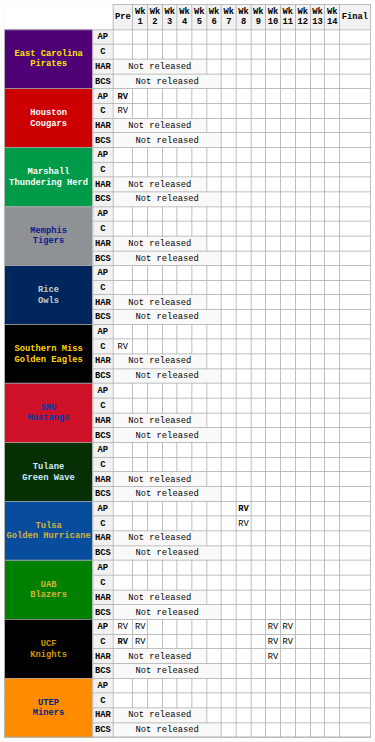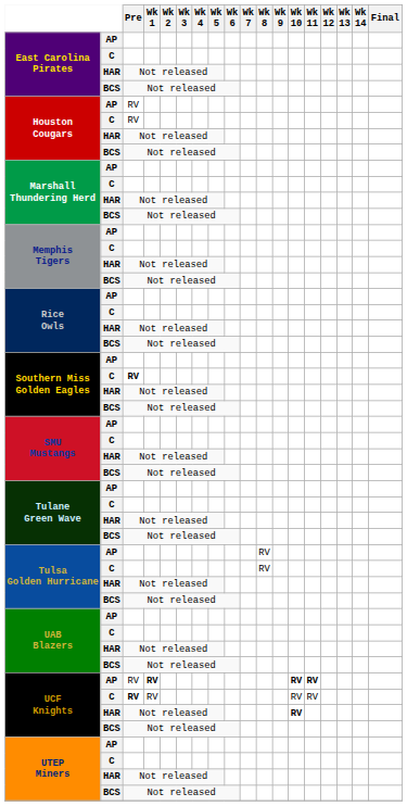 <table class="wikitable" style="white-space:nowrap;font-size:90%;">
 <tr>
 <th colspan=2 style="background:white; border-top-style:hidden; border-left-style:hidden;"> </th>
 <th>Pre</th>
 <th>Wk<br>1</th>
 <th>Wk<br>2</th>
 <th>Wk<br>3</th>
 <th>Wk<br>4</th>
 <th>Wk<br>5</th>
 <th>Wk<br>6</th>
 <th>Wk<br>7</th>
 <th>Wk<br>8</th>
 <th>Wk<br>9</th>
 <th>Wk<br>10</th>
 <th>Wk<br>11</th>
 <th>Wk<br>12</th>
 <th>Wk<br>13</th>
 <th>Wk<br>14</th>
 <th>Final</th>
 </tr>
 <tr style="text-align:center;">
 <th rowspan=4 style="background:#4F0076; color:#FFE600;">East Carolina<br>Pirates</th>
 <th>AP</th>
 <td style="background:#FFF;"></td>
 <td style="background:#FFF;"></td>
 <td style="background:#FFF;"></td>
 <td style="background:#FFF;"></td>
 <td style="background:#FFF;"></td>
 <td style="background:#FFF;"></td>
 <td style="background:#FFF;"></td>
 <td style="background:#FFF;"></td>
 <td style="background:#FFF;"></td>
 <td style="background:#FFF;"></td>
 <td style="background:#FFF;"></td>
 <td style="background:#FFF;"></td>
 <td style="background:#FFF;"></td>
 <td style="background:#FFF;"></td>
 <td style="background:#FFF;"></td>
 <td style="background:#FFF;"></td>
 </tr>
 <tr style="text-align:center;">
 <th>C</th>
 <td style="background:#FFF;"></td>
 <td style="background:#FFF;"></td>
 <td style="background:#FFF;"></td>
 <td style="background:#FFF;"></td>
 <td style="background:#FFF"></td>
 <td style="background:#FFF;"></td>
 <td style="background:#FFF;"></td>
 <td style="background:#FFF;"></td>
 <td style="background:#FFF;"></td>
 <td style="background:#FFF;"></td>
 <td style="background:#FFF;"></td>
 <td style="background:#FFF;"></td>
 <td style="background:#FFF;"></td>
 <td style="background:#FFF;"></td>
 <td style="background:#FFF;"></td>
 <td style="background:#FFF;"></td>
 </tr>
 <tr style="text-align:center;">
 <th>HAR</th>
 <td colspan=6 align=center>Not released</td>
 <td style="background:#FFF;"></td>
 <td style="background:#FFF;"></td>
 <td style="background:#FFF;"></td>
 <td style="background:#FFF;"></td>
 <td style="background:#FFF;"></td>
 <td style="background:#FFF;"></td>
 <td style="background:#FFF;"></td>
 <td style="background:#FFF;"></td>
 <td style="background:#FFF;"></td>
 <td style="background:#FFF;"></td>
 </tr>
 <tr style="text-align:center;">
 <th>BCS</th>
 <td colspan=7 align=center>Not released</td>
 <td style="background:#FFF;"></td>
 <td style="background:#FFF;"></td>
 <td style="background:#FFF;"></td>
 <td style="background:#FFF;"></td>
 <td style="background:#FFF;"></td>
 <td style="background:#FFF;"></td>
 <td style="background:#FFF;"></td>
 <td style="background:#FFF;"></td>
 <td style="background:#FFF;"></td>
 </tr>
 <tr style="text-align:center;">
 <th rowspan=4 style="background:#CC0000; color:#FFFFFF;">Houston<br>Cougars</th>
 <th>AP</th>
-<td style="background:#FFF;"><strong>RV</strong></td>
+<td style="background:#FFF;">RV</td>
 <td style="background:#FFF;"></td>
 <td style="background:#FFF;"></td>
 <td style="background:#FFF;"></td>
 <td style="background:#FFF;"></td>
 <td style="background:#FFF;"></td>
 <td style="background:#FFF;"></td>
 <td style="background:#FFF;"></td>
 <td style="background:#FFF;"></td>
 <td style="background:#FFF;"></td>
 <td style="background:#FFF;"></td>
 <td style="background:#FFF;"></td>
 <td style="background:#FFF;"></td>
 <td style="background:#FFF;"></td>
 <td style="background:#FFF;"></td>
 <td style="background:#FFF;"></td>
 </tr>
 <tr style="text-align:center;">
 <th>C</th>
 <td style="background:#FFF;">RV</td>
 <td style="background:#FFF;"></td>
 <td style="background:#FFF;"></td>
 <td style="background:#FFF;"></td>
 <td style="background:#FFF;"></td>
 <td style="background:#FFF;"></td>
 <td style="background:#FFF;"></td>
 <td style="background:#FFF;"></td>
 <td style="background:#FFF;"></td>
 <td style="background:#FFF;"></td>
 <td style="background:#FFF;"></td>
 <td style="background:#FFF;"></td>
 <td style="background:#FFF;"></td>
 <td style="background:#FFF;"></td>
 <td style="background:#FFF;"></td>
 <td style="background:#FFF;"></td>
 </tr>
 <tr style="text-align:center;">
 <th>HAR</th>
 <td colspan=6 align=center>Not released</td>
 <td style="background:#FFF;"></td>
 <td style="background:#FFF;"></td>
 <td style="background:#FFF;"></td>
 <td style="background:#FFF;"></td>
 <td style="background:#FFF;"></td>
 <td style="background:#FFF;"></td>
 <td style="background:#FFF;"></td>
 <td style="background:#FFF;"></td>
 <td style="background:#FFF;"></td>
 <td style="background:#FFF;"></td>
 </tr>
 <tr style="text-align:center;">
 <th>BCS</th>
 <td colspan=7 align=center>Not released</td>
 <td style="background:#FFF;"></td>
 <td style="background:#FFF;"></td>
 <td style="background:#FFF;"></td>
 <td style="background:#FFF;"></td>
 <td style="background:#FFF;"></td>
 <td style="background:#FFF;"></td>
 <td style="background:#FFF;"></td>
 <td style="background:#FFF;"></td>
 <td style="background:#FFF;"></td>
 </tr>
 <tr style="text-align:center;">
 <th rowspan=4 style="background:#009B48; color:#FFFFFF;">Marshall<br>Thundering Herd</th>
 <th>AP</th>
 <td style="background:#FFF;"></td>
 <td style="background:#FFF;"></td>
 <td style="background:#FFF;"></td>
 <td style="background:#FFF;"></td>
 <td style="background:#FFF;"></td>
 <td style="background:#FFF;"></td>
 <td style="background:#FFF;"></td>
 <td style="background:#FFF;"></td>
 <td style="background:#FFF;"></td>
 <td style="background:#FFF;"></td>
 <td style="background:#FFF;"></td>
 <td style="background:#FFF;"></td>
 <td style="background:#FFF;"></td>
 <td style="background:#FFF;"></td>
 <td style="background:#FFF;"></td>
 <td style="background:#FFF;"></td>
 </tr>
 <tr style="text-align:center;">
 <th>C</th>
 <td style="background:#FFF;"></td>
 <td style="background:#FFF;"></td>
 <td style="background:#FFF;"></td>
 <td style="background:#FFF;"></td>
 <td style="background:#FFF;"></td>
 <td style="background:#FFF;"></td>
 <td style="background:#FFF;"></td>
 <td style="background:#FFF;"></td>
 <td style="background:#FFF;"></td>
 <td style="background:#FFF;"></td>
 <td style="background:#FFF;"></td>
 <td style="background:#FFF;"></td>
 <td style="background:#FFF;"></td>
 <td style="background:#FFF;"></td>
 <td style="background:#FFF;"></td>
 <td style="background:#FFF;"></td>
 </tr>
 <tr style="text-align:center;">
 <th>HAR</th>
 <td colspan=6 align=center>Not released</td>
 <td style="background:#FFF;"></td>
 <td style="background:#FFF;"></td>
 <td style="background:#FFF;"></td>
 <td style="background:#FFF;"></td>
 <td style="background:#FFF;"></td>
 <td style="background:#FFF;"></td>
 <td style="background:#FFF;"></td>
 <td style="background:#FFF;"></td>
 <td style="background:#FFF;"></td>
 <td style="background:#FFF;"></td>
 </tr>
 <tr style="text-align:center;">
 <th>BCS</th>
 <td colspan=7 align=center>Not released</td>
 <td style="background:#FFF;"></td>
 <td style="background:#FFF;"></td>
 <td style="background:#FFF;"></td>
 <td style="background:#FFF;"></td>
 <td style="background:#FFF;"></td>
 <td style="background:#FFF;"></td>
 <td style="background:#FFF;"></td>
 <td style="background:#FFF;"></td>
 <td style="background:#FFF;"></td>
 </tr>
 <tr style="text-align:center;">
 <th rowspan=4 style="background:#8E9295; color:#0C1C8C;">Memphis<br>Tigers</th>
 <th>AP</th>
 <td style="background:#FFF;"></td>
 <td style="background:#FFF;"></td>
 <td style="background:#FFF;"></td>
 <td style="background:#FFF;"></td>
 <td style="background:#FFF;"></td>
 <td style="background:#FFF;"></td>
 <td style="background:#FFF;"></td>
 <td style="background:#FFF;"></td>
 <td style="background:#FFF;"></td>
 <td style="background:#FFF;"></td>
 <td style="background:#FFF;"></td>
 <td style="background:#FFF;"></td>
 <td style="background:#FFF;"></td>
 <td style="background:#FFF;"></td>
 <td style="background:#FFF;"></td>
 <td style="background:#FFF;"></td>
 </tr>
 <tr style="text-align:center;">
 <th>C</th>
 <td style="background:#FFF;"></td>
 <td style="background:#FFF;"></td>
 <td style="background:#FFF;"></td>
 <td style="background:#FFF;"></td>
 <td style="background:#FFF"></td>
 <td style="background:#FFF;"></td>
 <td style="background:#FFF;"></td>
 <td style="background:#FFF;"></td>
 <td style="background:#FFF;"></td>
 <td style="background:#FFF;"></td>
 <td style="background:#FFF;"></td>
 <td style="background:#FFF;"></td>
 <td style="background:#FFF;"></td>
 <td style="background:#FFF;"></td>
 <td style="background:#FFF;"></td>
 <td style="background:#FFF;"></td>
 </tr>
 <tr style="text-align:center;">
 <th>HAR</th>
 <td colspan=6 align=center>Not released</td>
 <td style="background:#FFF;"></td>
 <td style="background:#FFF;"></td>
 <td style="background:#FFF;"></td>
 <td style="background:#FFF;"></td>
 <td style="background:#FFF;"></td>
 <td style="background:#FFF;"></td>
 <td style="background:#FFF;"></td>
 <td style="background:#FFF;"></td>
 <td style="background:#FFF;"></td>
 <td style="background:#FFF;"></td>
 </tr>
 <tr style="text-align:center;">
 <th>BCS</th>
 <td colspan=7 align=center>Not released</td>
 <td style="background:#FFF;"></td>
 <td style="background:#FFF;"></td>
 <td style="background:#FFF;"></td>
 <td style="background:#FFF;"></td>
 <td style="background:#FFF;"></td>
 <td style="background:#FFF;"></td>
 <td style="background:#FFF;"></td>
 <td style="background:#FFF;"></td>
 <td style="background:#FFF;"></td>
 </tr>
 <tr style="text-align:center;">
 <th rowspan=4 style="background:#00275D; color:#CCCCCC;">Rice<br>Owls</th>
 <th>AP</th>
 <td style="background:#FFF;"></td>
 <td style="background:#FFF;"></td>
 <td style="background:#FFF;"></td>
 <td style="background:#FFF;"></td>
 <td style="background:#FFF;"></td>
 <td style="background:#FFF;"></td>
 <td style="background:#FFF;"></td>
 <td style="background:#FFF;"></td>
 <td style="background:#FFF;"></td>
 <td style="background:#FFF;"></td>
 <td style="background:#FFF;"></td>
 <td style="background:#FFF;"></td>
 <td style="background:#FFF;"></td>
 <td style="background:#FFF;"></td>
 <td style="background:#FFF;"></td>
 <td style="background:#FFF;"></td>
 </tr>
 <tr style="text-align:center;">
 <th>C</th>
 <td style="background:#FFF;"></td>
 <td style="background:#FFF;"></td>
 <td style="background:#FFF;"></td>
 <td style="background:#FFF;"></td>
 <td style="background:#FFF"></td>
 <td style="background:#FFF;"></td>
 <td style="background:#FFF;"></td>
 <td style="background:#FFF;"></td>
 <td style="background:#FFF;"></td>
 <td style="background:#FFF;"></td>
 <td style="background:#FFF;"></td>
 <td style="background:#FFF;"></td>
 <td style="background:#FFF;"></td>
 <td style="background:#FFF;"></td>
 <td style="background:#FFF;"></td>
 <td style="background:#FFF;"></td>
 </tr>
 <tr style="text-align:center;">
 <th>HAR</th>
 <td colspan=6 align=center>Not released</td>
 <td style="background:#FFF;"></td>
 <td style="background:#FFF;"></td>
 <td style="background:#FFF;"></td>
 <td style="background:#FFF;"></td>
 <td style="background:#FFF;"></td>
 <td style="background:#FFF;"></td>
 <td style="background:#FFF;"></td>
 <td style="background:#FFF;"></td>
 <td style="background:#FFF;"></td>
 <td style="background:#FFF;"></td>
 </tr>
 <tr style="text-align:center;">
 <th>BCS</th>
 <td colspan=7 align=center>Not released</td>
 <td style="background:#FFF;"></td>
 <td style="background:#FFF;"></td>
 <td style="background:#FFF;"></td>
 <td style="background:#FFF;"></td>
 <td style="background:#FFF;"></td>
 <td style="background:#FFF;"></td>
 <td style="background:#FFF;"></td>
 <td style="background:#FFF;"></td>
 <td style="background:#FFF;"></td>
 </tr>
 <tr style="text-align:center;">
 <th rowspan=4 style="background:#000000; color:#FFD700;">Southern Miss<br>Golden Eagles</th>
 <th>AP</th>
 <td style="background:#FFF;"></td>
 <td style="background:#FFF;"></td>
 <td style="background:#FFF;"></td>
 <td style="background:#FFF;"></td>
 <td style="background:#FFF;"></td>
 <td style="background:#FFF;"></td>
 <td style="background:#FFF;"></td>
 <td style="background:#FFF;"></td>
 <td style="background:#FFF;"></td>
 <td style="background:#FFF;"></td>
 <td style="background:#FFF;"></td>
 <td style="background:#FFF;"></td>
 <td style="background:#FFF;"></td>
 <td style="background:#FFF;"></td>
 <td style="background:#FFF;"></td>
 <td style="background:#FFF;"></td>
 </tr>
 <tr style="text-align:center;">
 <th>C</th>
-<td style="background:#FFF;">RV</td>
+<td style="background:#FFF;"><strong>RV</strong></td>
 <td style="background:#FFF;"></td>
 <td style="background:#FFF;"></td>
 <td style="background:#FFF;"></td>
 <td style="background:#FFF"></td>
 <td style="background:#FFF;"></td>
 <td style="background:#FFF;"></td>
 <td style="background:#FFF;"></td>
 <td style="background:#FFF;"></td>
 <td style="background:#FFF;"></td>
 <td style="background:#FFF;"></td>
 <td style="background:#FFF;"></td>
 <td style="background:#FFF;"></td>
 <td style="background:#FFF;"></td>
 <td style="background:#FFF;"></td>
 <td style="background:#FFF;"></td>
 </tr>
 <tr style="text-align:center;">
 <th>HAR</th>
 <td colspan=6 align=center>Not released</td>
 <td style="background:#FFF;"></td>
 <td style="background:#FFF;"></td>
 <td style="background:#FFF;"></td>
 <td style="background:#FFF;"></td>
 <td style="background:#FFF;"></td>
 <td style="background:#FFF;"></td>
 <td style="background:#FFF;"></td>
 <td style="background:#FFF;"></td>
 <td style="background:#FFF;"></td>
 <td style="background:#FFF;"></td>
 </tr>
 <tr style="text-align:center;">
 <th>BCS</th>
 <td colspan=7 align=center>Not released</td>
 <td style="background:#FFF;"></td>
 <td style="background:#FFF;"></td>
 <td style="background:#FFF;"></td>
 <td style="background:#FFF;"></td>
 <td style="background:#FFF;"></td>
 <td style="background:#FFF;"></td>
 <td style="background:#FFF;"></td>
 <td style="background:#FFF;"></td>
 <td style="background:#FFF;"></td>
 </tr>
 <tr style="text-align:center;">
 <th rowspan=4 style="background:#CE1126; color:#0038A8;">SMU<br>Mustangs</th>
 <th>AP</th>
 <td style="background:#FFF;"></td>
 <td style="background:#FFF;"></td>
 <td style="background:#FFF;"></td>
 <td style="background:#FFF;"></td>
 <td style="background:#FFF;"></td>
 <td style="background:#FFF;"></td>
 <td style="background:#FFF;"></td>
 <td style="background:#FFF;"></td>
 <td style="background:#FFF;"></td>
 <td style="background:#FFF;"></td>
 <td style="background:#FFF;"></td>
 <td style="background:#FFF;"></td>
 <td style="background:#FFF;"></td>
 <td style="background:#FFF;"></td>
 <td style="background:#FFF;"></td>
 <td style="background:#FFF;"></td>
 </tr>
 <tr style="text-align:center;">
 <th>C</th>
 <td style="background:#FFF;"></td>
 <td style="background:#FFF;"></td>
 <td style="background:#FFF;"></td>
 <td style="background:#FFF;"></td>
 <td style="background:#FFF"></td>
 <td style="background:#FFF;"></td>
 <td style="background:#FFF;"></td>
 <td style="background:#FFF;"></td>
 <td style="background:#FFF;"></td>
 <td style="background:#FFF;"></td>
 <td style="background:#FFF;"></td>
 <td style="background:#FFF;"></td>
 <td style="background:#FFF;"></td>
 <td style="background:#FFF;"></td>
 <td style="background:#FFF;"></td>
 <td style="background:#FFF;"></td>
 </tr>
 <tr style="text-align:center;">
 <th>HAR</th>
 <td colspan=6 align=center>Not released</td>
 <td style="background:#FFF;"></td>
 <td style="background:#FFF;"></td>
 <td style="background:#FFF;"></td>
 <td style="background:#FFF;"></td>
 <td style="background:#FFF;"></td>
 <td style="background:#FFF;"></td>
 <td style="background:#FFF;"></td>
 <td style="background:#FFF;"></td>
 <td style="background:#FFF;"></td>
 <td style="background:#FFF;"></td>
 </tr>
 <tr style="text-align:center;">
 <th>BCS</th>
 <td colspan=7 align=center>Not released</td>
 <td style="background:#FFF;"></td>
 <td style="background:#FFF;"></td>
 <td style="background:#FFF;"></td>
 <td style="background:#FFF;"></td>
 <td style="background:#FFF;"></td>
 <td style="background:#FFF;"></td>
 <td style="background:#FFF;"></td>
 <td style="background:#FFF;"></td>
 <td style="background:#FFF;"></td>
 </tr>
 <tr style="text-align:center;">
 <th rowspan=4 style="background:#063003; color:#CCEEFF;">Tulane<br>Green Wave</th>
 <th>AP</th>
 <td style="background:#FFF;"></td>
 <td style="background:#FFF;"></td>
 <td style="background:#FFF;"></td>
 <td style="background:#FFF;"></td>
 <td style="background:#FFF;"></td>
 <td style="background:#FFF;"></td>
 <td style="background:#FFF;"></td>
 <td style="background:#FFF;"></td>
 <td style="background:#FFF;"></td>
 <td style="background:#FFF;"></td>
 <td style="background:#FFF;"></td>
 <td style="background:#FFF;"></td>
 <td style="background:#FFF;"></td>
 <td style="background:#FFF;"></td>
 <td style="background:#FFF;"></td>
 <td style="background:#FFF;"></td>
 </tr>
 <tr style="text-align:center;">
 <th>C</th>
 <td style="background:#FFF;"></td>
 <td style="background:#FFF;"></td>
 <td style="background:#FFF;"></td>
 <td style="background:#FFF;"></td>
 <td style="background:#FFF"></td>
 <td style="background:#FFF;"></td>
 <td style="background:#FFF;"></td>
 <td style="background:#FFF;"></td>
 <td style="background:#FFF;"></td>
 <td style="background:#FFF;"></td>
 <td style="background:#FFF;"></td>
 <td style="background:#FFF;"></td>
 <td style="background:#FFF;"></td>
 <td style="background:#FFF;"></td>
 <td style="background:#FFF;"></td>
 <td style="background:#FFF;"></td>
 </tr>
 <tr style="text-align:center;">
 <th>HAR</th>
 <td colspan=6 align=center>Not released</td>
 <td style="background:#FFF;"></td>
 <td style="background:#FFF;"></td>
 <td style="background:#FFF;"></td>
 <td style="background:#FFF;"></td>
 <td style="background:#FFF;"></td>
 <td style="background:#FFF;"></td>
 <td style="background:#FFF;"></td>
 <td style="background:#FFF;"></td>
 <td style="background:#FFF;"></td>
 <td style="background:#FFF;"></td>
 </tr>
 <tr style="text-align:center;">
 <th>BCS</th>
 <td colspan=7 align=center>Not released</td>
 <td style="background:#FFF;"></td>
 <td style="background:#FFF;"></td>
 <td style="background:#FFF;"></td>
 <td style="background:#FFF;"></td>
 <td style="background:#FFF;"></td>
 <td style="background:#FFF;"></td>
 <td style="background:#FFF;"></td>
 <td style="background:#FFF;"></td>
 <td style="background:#FFF;"></td>
 </tr>
 <tr style="text-align:center;">
 <th rowspan=4 style="background:#084c9e; color:#CFB53B;">Tulsa<br>Golden Hurricane</th>
 <th>AP</th>
 <td style="background:#FFF;"></td>
 <td style="background:#FFF;"></td>
 <td style="background:#FFF;"></td>
 <td style="background:#FFF;"></td>
 <td style="background:#FFF;"></td>
 <td style="background:#FFF;"></td>
 <td style="background:#FFF;"></td>
 <td style="background:#FFF;"></td>
-<td style="background:#FFF;"><strong>RV</strong></td>
+<td style="background:#FFF;">RV</td>
 <td style="background:#FFF;"></td>
 <td style="background:#FFF;"></td>
 <td style="background:#FFF;"></td>
 <td style="background:#FFF;"></td>
 <td style="background:#FFF;"></td>
 <td style="background:#FFF;"></td>
 <td style="background:#FFF;"></td>
 </tr>
 <tr style="text-align:center;">
 <th>C</th>
 <td style="background:#FFF;"></td>
 <td style="background:#FFF;"></td>
 <td style="background:#FFF;"></td>
 <td style="background:#FFF;"></td>
 <td style="background:#FFF"></td>
 <td style="background:#FFF;"></td>
 <td style="background:#FFF;"></td>
 <td style="background:#FFF;"></td>
 <td style="background:#FFF;">RV</td>
 <td style="background:#FFF;"></td>
 <td style="background:#FFF;"></td>
 <td style="background:#FFF;"></td>
 <td style="background:#FFF;"></td>
 <td style="background:#FFF;"></td>
 <td style="background:#FFF;"></td>
 <td style="background:#FFF;"></td>
 </tr>
 <tr style="text-align:center;">
 <th>HAR</th>
 <td colspan=6 align=center>Not released</td>
 <td style="background:#FFF;"></td>
 <td style="background:#FFF;"></td>
 <td style="background:#FFF;"></td>
 <td style="background:#FFF;"></td>
 <td style="background:#FFF;"></td>
 <td style="background:#FFF;"></td>
 <td style="background:#FFF;"></td>
 <td style="background:#FFF;"></td>
 <td style="background:#FFF;"></td>
 <td style="background:#FFF;"></td>
 </tr>
 <tr style="text-align:center;">
 <th>BCS</th>
 <td colspan=7 align=center>Not released</td>
 <td style="background:#FFF;"></td>
 <td style="background:#FFF;"></td>
 <td style="background:#FFF;"></td>
 <td style="background:#FFF;"></td>
 <td style="background:#FFF;"></td>
 <td style="background:#FFF;"></td>
 <td style="background:#FFF;"></td>
 <td style="background:#FFF;"></td>
 <td style="background:#FFF;"></td>
 </tr>
 <tr style="text-align:center;">
 <th rowspan=4 style="background:#008000; color:#CFB53B;">UAB<br>Blazers</th>
 <th>AP</th>
 <td style="background:#FFF;"></td>
 <td style="background:#FFF;"></td>
 <td style="background:#FFF;"></td>
 <td style="background:#FFF;"></td>
 <td style="background:#FFF;"></td>
 <td style="background:#FFF;"></td>
 <td style="background:#FFF;"></td>
 <td style="background:#FFF;"></td>
 <td style="background:#FFF;"></td>
 <td style="background:#FFF;"></td>
 <td style="background:#FFF;"></td>
 <td style="background:#FFF;"></td>
 <td style="background:#FFF;"></td>
 <td style="background:#FFF;"></td>
 <td style="background:#FFF;"></td>
 <td style="background:#FFF;"></td>
 </tr>
 <tr style="text-align:center;">
 <th>C</th>
 <td style="background:#FFF;"></td>
 <td style="background:#FFF;"></td>
 <td style="background:#FFF;"></td>
 <td style="background:#FFF;"></td>
 <td style="background:#FFF"></td>
 <td style="background:#FFF;"></td>
 <td style="background:#FFF;"></td>
 <td style="background:#FFF;"></td>
 <td style="background:#FFF;"></td>
 <td style="background:#FFF;"></td>
 <td style="background:#FFF;"></td>
 <td style="background:#FFF;"></td>
 <td style="background:#FFF;"></td>
 <td style="background:#FFF;"></td>
 <td style="background:#FFF;"></td>
 <td style="background:#FFF;"></td>
 </tr>
 <tr style="text-align:center;">
 <th>HAR</th>
 <td colspan=6 align=center>Not released</td>
 <td style="background:#FFF;"></td>
 <td style="background:#FFF;"></td>
 <td style="background:#FFF;"></td>
 <td style="background:#FFF;"></td>
 <td style="background:#FFF;"></td>
 <td style="background:#FFF;"></td>
 <td style="background:#FFF;"></td>
 <td style="background:#FFF;"></td>
 <td style="background:#FFF;"></td>
 <td style="background:#FFF;"></td>
 </tr>
 <tr style="text-align:center;">
 <th>BCS</th>
 <td colspan=7 align=center>Not released</td>
 <td style="background:#FFF;"></td>
 <td style="background:#FFF;"></td>
 <td style="background:#FFF;"></td>
 <td style="background:#FFF;"></td>
 <td style="background:#FFF;"></td>
 <td style="background:#FFF;"></td>
 <td style="background:#FFF;"></td>
 <td style="background:#FFF;"></td>
 <td style="background:#FFF;"></td>
 </tr>
 <tr style="text-align:center;">
 <th rowspan=4 style="background:#000000; color:#c90;">UCF<br>Knights</th>
 <th>AP</th>
 <td style="background:#FFF;">RV</td>
-<td style="background:#FFF;">RV</td>
+<td style="background:#FFF;"><strong>RV</strong></td>
 <td style="background:#FFF;"></td>
 <td style="background:#FFF;"></td>
 <td style="background:#FFF;"></td>
 <td style="background:#FFF;"></td>
 <td style="background:#FFF;"></td>
 <td style="background:#FFF;"></td>
 <td style="background:#FFF;"></td>
 <td style="background:#FFF;"></td>
-<td style="background:#FFF;">RV</td>
-<td style="background:#FFF;">RV</td>
+<td style="background:#FFF;"><strong>RV</strong></td>
+<td style="background:#FFF;"><strong>RV</strong></td>
 <td style="background:#FFF;"></td>
 <td style="background:#FFF;"></td>
 <td style="background:#FFF;"></td>
 <td style="background:#FFF;"></td>
 </tr>
 <tr style="text-align:center;">
 <th>C</th>
 <td style="background:#FFF;"><strong>RV</strong></td>
 <td style="background:#FFF;">RV</td>
 <td style="background:#FFF;"></td>
 <td style="background:#FFF;"></td>
 <td style="background:#FFF"></td>
 <td style="background:#FFF;"></td>
 <td style="background:#FFF;"></td>
 <td style="background:#FFF;"></td>
 <td style="background:#FFF;"></td>
 <td style="background:#FFF;"></td>
 <td style="background:#FFF;">RV</td>
 <td style="background:#FFF;">RV</td>
 <td style="background:#FFF;"></td>
 <td style="background:#FFF;"></td>
 <td style="background:#FFF;"></td>
 <td style="background:#FFF;"></td>
 </tr>
 <tr style="text-align:center;">
 <th>HAR</th>
 <td colspan=6 align=center>Not released</td>
 <td style="background:#FFF;"></td>
 <td style="background:#FFF;"></td>
 <td style="background:#FFF;"></td>
 <td style="background:#FFF;"></td>
-<td style="background:#FFF;">RV</td>
+<td style="background:#FFF;"><strong>RV</strong></td>
 <td style="background:#FFF;"></td>
 <td style="background:#FFF;"></td>
 <td style="background:#FFF;"></td>
 <td style="background:#FFF;"></td>
 <td style="background:#FFF;"></td>
 </tr>
 <tr style="text-align:center;">
 <th>BCS</th>
 <td colspan=7 align=center>Not released</td>
 <td style="background:#FFF;"></td>
 <td style="background:#FFF;"></td>
 <td style="background:#FFF;"></td>
 <td style="background:#FFF;"></td>
 <td style="background:#FFF;"></td>
 <td style="background:#FFF;"></td>
 <td style="background:#FFF;"></td>
 <td style="background:#FFF;"></td>
 <td style="background:#FFF;"></td>
 </tr>
 <tr style="text-align:center;">
 <th rowspan=4 style="background:#FF8C00; color:#00247D;">UTEP<br>Miners</th>
 <th>AP</th>
 <td style="background:#FFF;"></td>
 <td style="background:#FFF;"></td>
 <td style="background:#FFF;"></td>
 <td style="background:#FFF;"></td>
 <td style="background:#FFF;"></td>
 <td style="background:#FFF;"></td>
 <td style="background:#FFF;"></td>
 <td style="background:#FFF;"></td>
 <td style="background:#FFF;"></td>
 <td style="background:#FFF;"></td>
 <td style="background:#FFF;"></td>
 <td style="background:#FFF;"></td>
 <td style="background:#FFF;"></td>
 <td style="background:#FFF;"></td>
 <td style="background:#FFF;"></td>
 <td style="background:#FFF;"></td>
 </tr>
 <tr style="text-align:center;">
 <th>C</th>
 <td style="background:#FFF;"></td>
 <td style="background:#FFF;"></td>
 <td style="background:#FFF;"></td>
 <td style="background:#FFF;"></td>
 <td style="background:#FFF"></td>
 <td style="background:#FFF;"></td>
 <td style="background:#FFF;"></td>
 <td style="background:#FFF;"></td>
 <td style="background:#FFF;"></td>
 <td style="background:#FFF;"></td>
 <td style="background:#FFF;"></td>
 <td style="background:#FFF;"></td>
 <td style="background:#FFF;"></td>
 <td style="background:#FFF;"></td>
 <td style="background:#FFF;"></td>
 <td style="background:#FFF;"></td>
 </tr>
 <tr style="text-align:center;">
 <th>HAR</th>
 <td colspan=6 align=center>Not released</td>
 <td style="background:#FFF;"></td>
 <td style="background:#FFF;"></td>
 <td style="background:#FFF;"></td>
 <td style="background:#FFF;"></td>
 <td style="background:#FFF;"></td>
 <td style="background:#FFF;"></td>
 <td style="background:#FFF;"></td>
 <td style="background:#FFF;"></td>
 <td style="background:#FFF;"></td>
 <td style="background:#FFF;"></td>
 </tr>
 <tr style="text-align:center;">
 <th>BCS</th>
 <td colspan=7 align=center>Not released</td>
 <td style="background:#FFF;"></td>
 <td style="background:#FFF;"></td>
 <td style="background:#FFF;"></td>
 <td style="background:#FFF;"></td>
 <td style="background:#FFF;"></td>
 <td style="background:#FFF;"></td>
 <td style="background:#FFF;"></td>
 <td style="background:#FFF;"></td>
 <td style="background:#FFF;"></td>
 </tr>
 <tr style="text-align:center;">
 </tr>
 </table>
